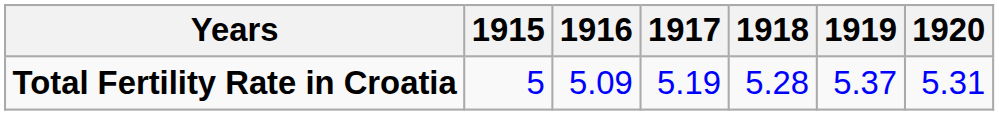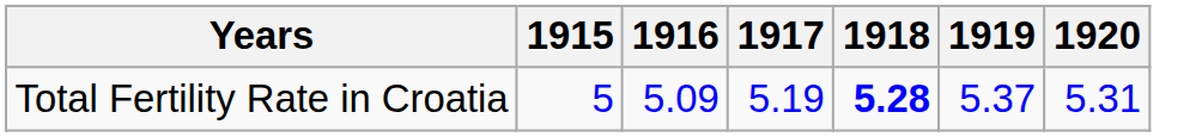 <table class="wikitable " style="text-align:right">
 <tr>
 <th>Years</th>
 <th>1915</th>
 <th>1916</th>
 <th>1917</th>
 <th>1918</th>
 <th>1919</th>
 <th>1920</th>
 </tr>
 <tr>
-<td align="left"><strong>Total Fertility Rate in Croatia</strong></td>
+<td align="left">Total Fertility Rate in Croatia</td>
 <td style="text-align:right; color:blue;">5</td>
 <td style="text-align:right; color:blue;">5.09</td>
 <td style="text-align:right; color:blue;">5.19</td>
-<td style="text-align:right; color:blue;">5.28</td>
+<td style="text-align:right; color:blue;"><strong>5.28</strong></td>
 <td style="text-align:right; color:blue;">5.37</td>
 <td style="text-align:right; color:blue;">5.31</td>
 </tr>
 </table>
